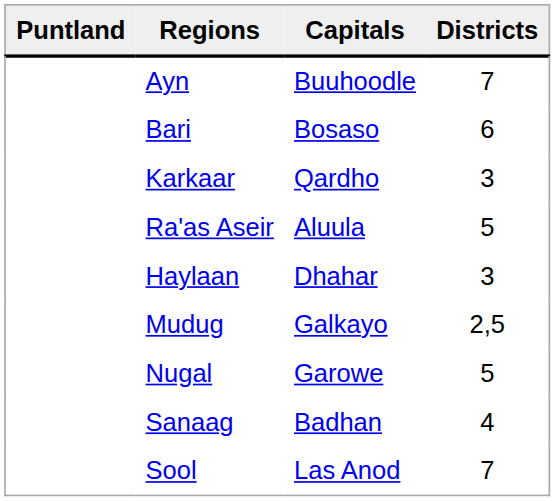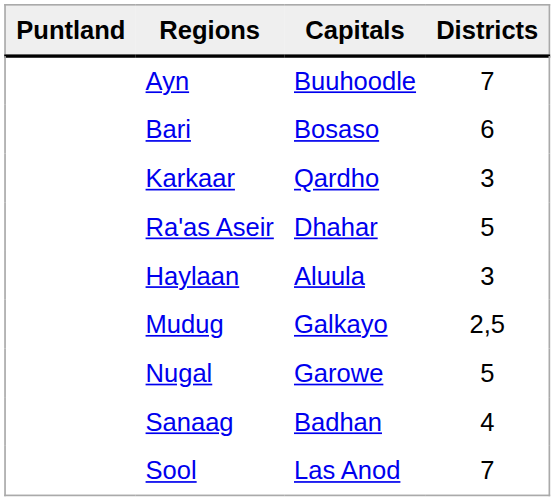 <table align= border="1" cellpadding="6" cellspacing="0" style="margin:0 0 0 1em; background:#fff; border:1px #aaa solid; border-collapse:collapse; text-align:left; font-size:95%">
 <tr style="text-align:center; background: #efefef; border-bottom:2px solid black;">
 <th>Puntland</th>
 <th>Regions</th>
 <th>Capitals</th>
 <th>Districts</th>
 </tr>
 <tr>
 <td rowspan="11"></td>
 </tr>
 <tr>
 <td><a href='#'>Ayn</a></td>
 <td><a href='#'>Buuhoodle</a></td>
 <td style="text-align:center;">7</td>
 </tr>
 <tr>
 <td><a href='#'>Bari</a></td>
 <td><a href='#'>Bosaso</a></td>
 <td style="text-align:center;">6</td>
 </tr>
 <tr>
 <td><a href='#'>Karkaar</a></td>
 <td><a href='#'>Qardho</a></td>
 <td style="text-align:center;">3</td>
 </tr>
 <tr>
 <td><a href='#'>Ra'as Aseir</a></td>
-<td><a href='#'>Aluula</a></td>
+<td><a href='#'>Dhahar</a></td>
 <td style="text-align:center;">5</td>
 </tr>
 <tr>
 <td><a href='#'>Haylaan</a></td>
-<td><a href='#'>Dhahar</a></td>
+<td><a href='#'>Aluula</a></td>
 <td style="text-align:center;">3</td>
 </tr>
 <tr>
 <td><a href='#'>Mudug</a></td>
 <td><a href='#'>Galkayo</a></td>
 <td style="text-align:center;">2,5</td>
 </tr>
 <tr>
 <td><a href='#'>Nugal</a></td>
 <td><a href='#'>Garowe</a></td>
 <td style="text-align:center;">5</td>
 </tr>
 <tr>
 <td><a href='#'>Sanaag</a></td>
 <td><a href='#'>Badhan</a></td>
 <td style="text-align:center;">4</td>
 </tr>
 <tr>
 <td><a href='#'>Sool</a></td>
 <td><a href='#'>Las Anod</a></td>
 <td style="text-align:center">7</td>
 </tr>
 </table>
